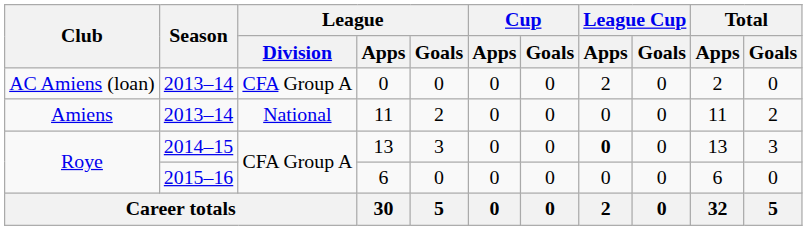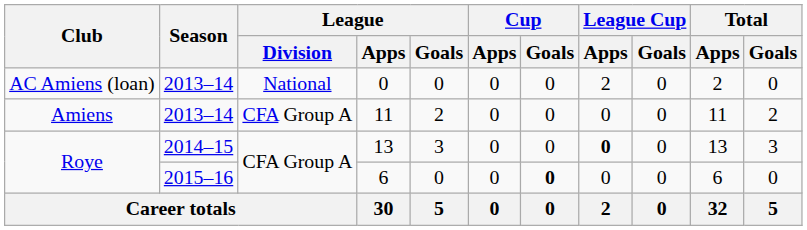 <table class="wikitable" style="text-align:center">
 <tr>
 <th rowspan="2">Club</th>
 <th rowspan="2">Season</th>
 <th colspan="3">League</th>
 <th colspan="2"><a href='#'>Cup</a></th>
 <th colspan="2"><a href='#'>League Cup</a></th>
 <th colspan="2">Total</th>
 </tr>
 <tr>
 <th><a href='#'>Division</a></th>
 <th>Apps</th>
 <th>Goals</th>
 <th>Apps</th>
 <th>Goals</th>
 <th>Apps</th>
 <th>Goals</th>
 <th>Apps</th>
 <th>Goals</th>
 </tr>
 <tr>
 <td><a href='#'>AC Amiens</a> (loan)</td>
 <td><a href='#'>2013–14</a></td>
-<td><a href='#'>CFA</a> Group A</td>
+<td><a href='#'>National</a></td>
 <td>0</td>
 <td>0</td>
 <td>0</td>
 <td>0</td>
 <td>2</td>
 <td>0</td>
 <td>2</td>
 <td>0</td>
 </tr>
 <tr>
 <td><a href='#'>Amiens</a></td>
 <td><a href='#'>2013–14</a></td>
-<td><a href='#'>National</a></td>
+<td><a href='#'>CFA</a> Group A</td>
 <td>11</td>
 <td>2</td>
 <td>0</td>
 <td>0</td>
 <td>0</td>
 <td>0</td>
 <td>11</td>
 <td>2</td>
 </tr>
 <tr>
 <td rowspan="2"><a href='#'>Roye</a></td>
 <td><a href='#'>2014–15</a></td>
 <td rowspan="2">CFA Group A</td>
 <td>13</td>
 <td>3</td>
 <td>0</td>
 <td>0</td>
 <td><strong>0</strong></td>
 <td>0</td>
 <td>13</td>
 <td>3</td>
 </tr>
 <tr>
 <td><a href='#'>2015–16</a></td>
 <td>6</td>
 <td>0</td>
 <td>0</td>
-<td>0</td>
+<td><strong>0</strong></td>
 <td>0</td>
 <td>0</td>
 <td>6</td>
 <td>0</td>
 </tr>
 <tr>
 <th colspan="3">Career totals</th>
 <th>30</th>
 <th>5</th>
 <th>0</th>
 <th>0</th>
 <th>2</th>
 <th>0</th>
 <th>32</th>
 <th>5</th>
 </tr>
 </table>
